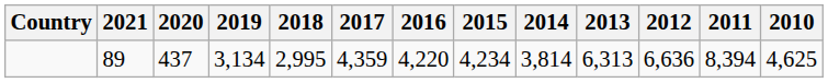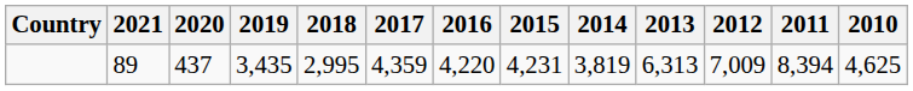 <table class="wikitable sortable">
 <tr>
 <th>Country</th>
 <th>2021</th>
 <th>2020</th>
 <th>2019</th>
 <th>2018</th>
 <th>2017</th>
 <th>2016</th>
 <th>2015</th>
 <th>2014</th>
 <th>2013</th>
 <th>2012</th>
 <th>2011</th>
 <th>2010</th>
 </tr>
 <tr>
 <td></td>
 <td> 89</td>
 <td> 437</td>
-<td> 3,134</td>
+<td> 3,435</td>
 <td> 2,995</td>
 <td> 4,359</td>
 <td> 4,220</td>
-<td> 4,234</td>
-<td> 3,814</td>
+<td> 4,231</td>
+<td> 3,819</td>
 <td> 6,313</td>
-<td> 6,636</td>
+<td> 7,009</td>
 <td> 8,394</td>
 <td>4,625</td>
 </tr>
 </table>
